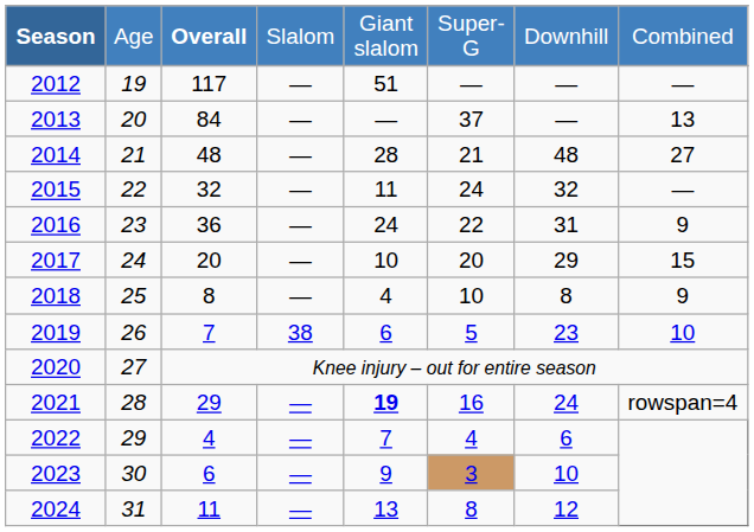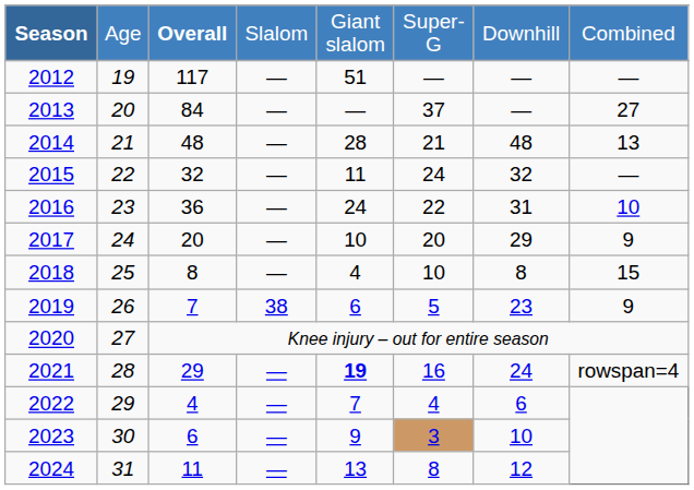 <table class="wikitable" style="font-size:95%; text-align:center; border:grey solid 1px; border-collapse:collapse;" width="40%">
 <tr style="background-color:#369; color:white;">
 <td rowspan="2" colspan="1" width="6%"><strong>Season</strong></td>
 </tr>
 <tr style="background-color:#4180be; color:white;">
 <td width="3%">Age</td>
 <td width="5%"><strong>Overall</strong></td>
 <td width="5%">Slalom</td>
 <td width="5%">Giant<br>slalom</td>
 <td width="5%">Super-G</td>
 <td width="5%">Downhill</td>
 <td width="5%">Combined</td>
 </tr>
 <tr style="background-color:#8CB2D8; color:white;">
 </tr>
 <tr>
 <td><a href='#'>2012</a></td>
 <td><em>19</em></td>
 <td>117</td>
 <td>—</td>
 <td>51</td>
 <td>—</td>
 <td>—</td>
 <td>—</td>
 </tr>
 <tr>
 <td><a href='#'>2013</a></td>
 <td><em>20</em></td>
 <td>84</td>
 <td>—</td>
 <td>—</td>
 <td>37</td>
 <td>—</td>
-<td>13</td>
+<td>27</td>
 </tr>
 <tr>
 <td><a href='#'>2014</a></td>
 <td><em>21</em></td>
 <td>48</td>
 <td>—</td>
 <td>28</td>
 <td>21</td>
 <td>48</td>
-<td>27</td>
+<td>13</td>
 </tr>
 <tr>
 <td><a href='#'>2015</a></td>
 <td><em>22</em></td>
 <td>32</td>
 <td>—</td>
 <td>11</td>
 <td>24</td>
 <td>32</td>
 <td>—</td>
 </tr>
 <tr>
 <td><a href='#'>2016</a></td>
 <td><em>23</em></td>
 <td>36</td>
 <td>—</td>
 <td>24</td>
 <td>22</td>
 <td>31</td>
-<td>9</td>
+<td><a href='#'>10</a></td>
 </tr>
 <tr>
 <td><a href='#'>2017</a></td>
 <td><em>24</em></td>
 <td>20</td>
 <td>—</td>
 <td>10</td>
 <td>20</td>
 <td>29</td>
-<td>15</td>
+<td>9</td>
 </tr>
 <tr>
 <td><a href='#'>2018</a></td>
 <td><em>25</em></td>
 <td>8</td>
 <td>—</td>
 <td>4</td>
 <td>10</td>
 <td>8</td>
-<td>9</td>
+<td>15</td>
 </tr>
 <tr>
 <td><a href='#'>2019</a></td>
 <td><em>26</em></td>
 <td><a href='#'>7</a></td>
 <td><a href='#'>38</a></td>
 <td><a href='#'>6</a></td>
 <td><a href='#'>5</a></td>
 <td><a href='#'>23</a></td>
-<td><a href='#'>10</a></td>
+<td>9</td>
 </tr>
 <tr>
 <td><a href='#'>2020</a></td>
 <td><em>27</em></td>
 <td colspan=6><em><small>Knee injury – out for entire season</small></em></td>
 </tr>
 <tr>
 <td><a href='#'>2021</a></td>
 <td><em>28</em></td>
 <td><a href='#'>29</a></td>
 <td><a href='#'>—</a></td>
 <td><strong><a href='#'>19</a></strong></td>
 <td><a href='#'>16</a></td>
 <td><a href='#'>24</a></td>
 <td>rowspan=4 </td>
 </tr>
 <tr>
 <td><a href='#'>2022</a></td>
 <td><em>29</em></td>
 <td><a href='#'>4</a></td>
 <td><a href='#'>—</a></td>
 <td><a href='#'>7</a></td>
 <td><a href='#'>4</a></td>
 <td><a href='#'>6</a></td>
 </tr>
 <tr>
 <td><a href='#'>2023</a></td>
 <td><em>30</em></td>
 <td><a href='#'>6</a></td>
 <td><a href='#'>—</a></td>
 <td><a href='#'>9</a></td>
 <td style="background:#c96;"><a href='#'>3</a></td>
 <td><a href='#'>10</a></td>
 </tr>
 <tr>
 <td><a href='#'>2024</a></td>
 <td><em>31</em></td>
 <td><a href='#'>11</a></td>
 <td><a href='#'>—</a></td>
 <td><a href='#'>13</a></td>
 <td><a href='#'>8</a></td>
 <td><a href='#'>12</a></td>
 </tr>
 </table>
